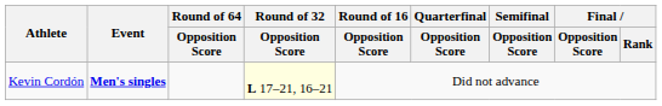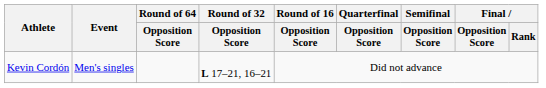 <table class=wikitable style="font-size:90%">
 <tr>
 <th rowspan="2">Athlete</th>
 <th rowspan="2">Event</th>
 <th>Round of 64</th>
 <th>Round of 32</th>
 <th>Round of 16</th>
 <th>Quarterfinal</th>
 <th>Semifinal</th>
 <th colspan=2>Final / </th>
 </tr>
 <tr style="font-size:95%">
 <th>Opposition<br>Score</th>
 <th>Opposition<br>Score</th>
 <th>Opposition<br>Score</th>
 <th>Opposition<br>Score</th>
 <th>Opposition<br>Score</th>
 <th>Opposition<br>Score</th>
 <th>Rank</th>
 </tr>
 <tr align=center>
 <td align=left><a href='#'>Kevin Cordón</a></td>
-<td align=left><strong><a href='#'>Men's singles</a></strong></td>
+<td align=left><a href='#'>Men's singles</a></td>
 <td></td>
-<td style="background: lightyellow;"><br><strong>L</strong> 17–21, 16–21</td>
+<td><br><strong>L</strong> 17–21, 16–21</td>
 <td colspan=5>Did not advance</td>
 </tr>
 </table>
